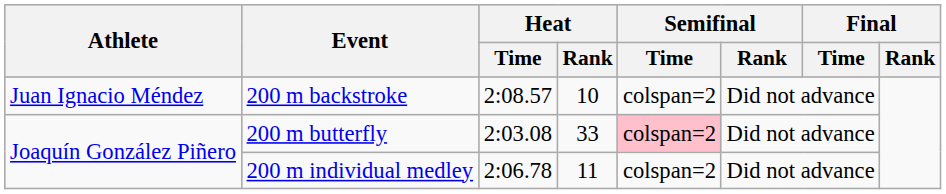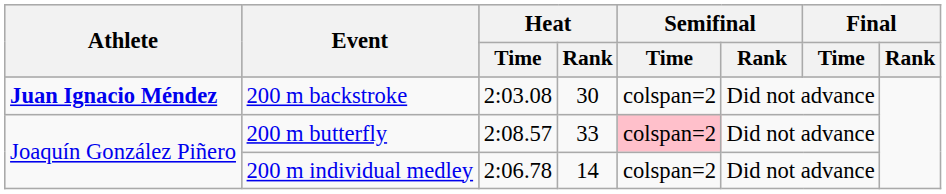 <table class=wikitable style="font-size:90%">
 <tr>
 <th rowspan=2>Athlete</th>
 <th rowspan=2>Event</th>
 <th colspan=2>Heat</th>
 <th colspan=2>Semifinal</th>
 <th colspan=2>Final</th>
 </tr>
 <tr style="font-size:95%">
 <th>Time</th>
 <th>Rank</th>
 <th>Time</th>
 <th>Rank</th>
 <th>Time</th>
 <th>Rank</th>
 </tr>
 <tr align=center>
-<td align=left><a href='#'>Juan Ignacio Méndez</a></td>
+<td align=left><strong><a href='#'>Juan Ignacio Méndez</a></strong></td>
 <td align=left><a href='#'>200 m backstroke</a></td>
-<td>2:08.57</td>
-<td>10</td>
+<td>2:03.08</td>
+<td>30</td>
 <td>colspan=2 </td>
 <td colspan=2>Did not advance</td>
 </tr>
 <tr align=center>
 <td rowspan=2 align=left><a href='#'>Joaquín González Piñero</a></td>
 <td align=left><a href='#'>200 m butterfly</a></td>
-<td>2:03.08</td>
+<td>2:08.57</td>
 <td>33</td>
 <td style="background: pink;">colspan=2 </td>
 <td colspan=2>Did not advance</td>
 </tr>
 <tr align=center>
 <td align=left><a href='#'>200 m individual medley</a></td>
 <td>2:06.78</td>
-<td>11</td>
+<td>14</td>
 <td>colspan=2 </td>
 <td colspan=2>Did not advance</td>
 </tr>
 </table>
